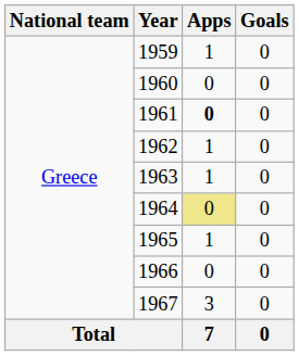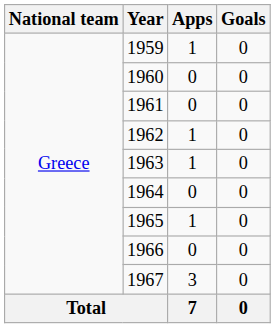 <table class="wikitable" style="text-align:center">
 <tr>
 <th>National team</th>
 <th>Year</th>
 <th>Apps</th>
 <th>Goals</th>
 </tr>
 <tr>
 <td rowspan="9"><a href='#'>Greece</a></td>
 <td>1959</td>
 <td>1</td>
 <td>0</td>
 </tr>
 <tr>
 <td>1960</td>
 <td>0</td>
 <td>0</td>
 </tr>
 <tr>
 <td>1961</td>
-<td><strong>0</strong></td>
+<td>0</td>
 <td>0</td>
 </tr>
 <tr>
 <td>1962</td>
 <td>1</td>
 <td>0</td>
 </tr>
 <tr>
 <td>1963</td>
 <td>1</td>
 <td>0</td>
 </tr>
 <tr>
 <td>1964</td>
-<td style="background: khaki;">0</td>
+<td>0</td>
 <td>0</td>
 </tr>
 <tr>
 <td>1965</td>
 <td>1</td>
 <td>0</td>
 </tr>
 <tr>
 <td>1966</td>
 <td>0</td>
 <td>0</td>
 </tr>
 <tr>
 <td>1967</td>
 <td>3</td>
 <td>0</td>
 </tr>
 <tr>
 <th colspan="2">Total</th>
 <th>7</th>
 <th>0</th>
 </tr>
 </table>
